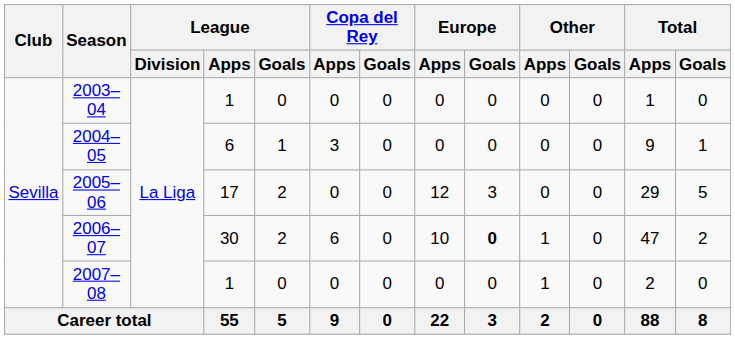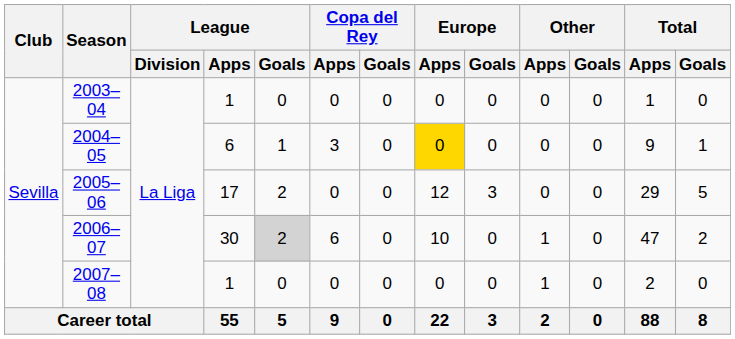 <table class="wikitable" style="text-align:center">
 <tr>
 <th rowspan="2">Club</th>
 <th rowspan="2">Season</th>
 <th colspan="3">League</th>
 <th colspan="2"><a href='#'>Copa del Rey</a></th>
 <th colspan="2">Europe</th>
 <th colspan="2">Other</th>
 <th colspan="2">Total</th>
 </tr>
 <tr>
 <th>Division</th>
 <th>Apps</th>
 <th>Goals</th>
 <th>Apps</th>
 <th>Goals</th>
 <th>Apps</th>
 <th>Goals</th>
 <th>Apps</th>
 <th>Goals</th>
 <th>Apps</th>
 <th>Goals</th>
 </tr>
 <tr>
 <td rowspan="5"><a href='#'>Sevilla</a></td>
 <td><a href='#'>2003–04</a></td>
 <td rowspan="5"><a href='#'>La Liga</a></td>
 <td>1</td>
 <td>0</td>
 <td>0</td>
 <td>0</td>
 <td>0</td>
 <td>0</td>
 <td>0</td>
 <td>0</td>
 <td>1</td>
 <td>0</td>
 </tr>
 <tr>
 <td><a href='#'>2004–05</a></td>
 <td>6</td>
 <td>1</td>
 <td>3</td>
 <td>0</td>
-<td>0</td>
+<td style="background: gold;">0</td>
 <td>0</td>
 <td>0</td>
 <td>0</td>
 <td>9</td>
 <td>1</td>
 </tr>
 <tr>
 <td><a href='#'>2005–06</a></td>
 <td>17</td>
 <td>2</td>
 <td>0</td>
 <td>0</td>
 <td>12</td>
 <td>3</td>
 <td>0</td>
 <td>0</td>
 <td>29</td>
 <td>5</td>
 </tr>
 <tr>
 <td><a href='#'>2006–07</a></td>
 <td>30</td>
-<td>2</td>
+<td style="background: lightgrey;">2</td>
 <td>6</td>
 <td>0</td>
 <td>10</td>
-<td><strong>0</strong></td>
+<td>0</td>
 <td>1</td>
 <td>0</td>
 <td>47</td>
 <td>2</td>
 </tr>
 <tr>
 <td><a href='#'>2007–08</a></td>
 <td>1</td>
 <td>0</td>
 <td>0</td>
 <td>0</td>
 <td>0</td>
 <td>0</td>
 <td>1</td>
 <td>0</td>
 <td>2</td>
 <td>0</td>
 </tr>
 <tr>
 <th colspan="3">Career total</th>
 <th>55</th>
 <th>5</th>
 <th>9</th>
 <th>0</th>
 <th>22</th>
 <th>3</th>
 <th>2</th>
 <th>0</th>
 <th>88</th>
 <th>8</th>
 </tr>
 </table>
